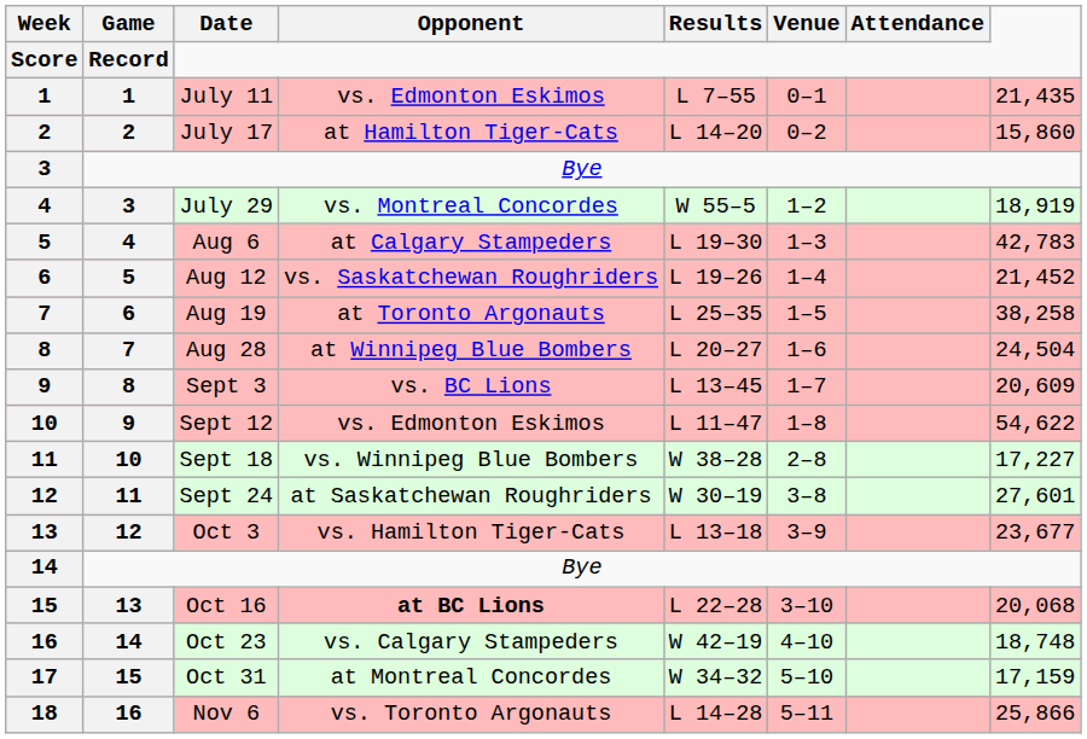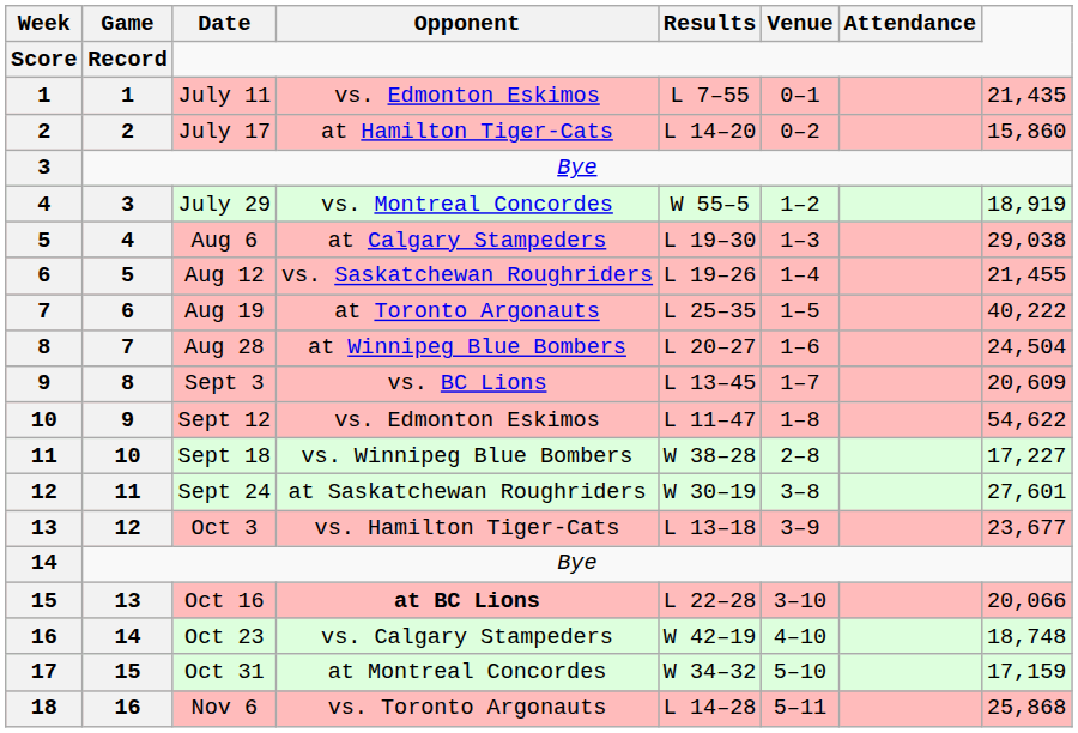 <table class="wikitable" style="text-align:center">
 <tr>
 <th>Week</th>
 <th>Game</th>
 <th>Date</th>
 <th>Opponent</th>
 <th>Results</th>
 <th>Venue</th>
 <th>Attendance</th>
 </tr>
 <tr>
 <th>Score</th>
 <th>Record</th>
 </tr>
 <tr style="background:#ffbbbb">
 <th>1</th>
 <th>1</th>
 <td>July 11</td>
 <td>vs. <a href='#'>Edmonton Eskimos</a></td>
 <td>L 7–55</td>
 <td>0–1</td>
 <td></td>
 <td>21,435</td>
 </tr>
 <tr style="background:#ffbbbb">
 <th>2</th>
 <th>2</th>
 <td>July 17</td>
 <td>at <a href='#'>Hamilton Tiger-Cats</a></td>
 <td>L 14–20</td>
 <td>0–2</td>
 <td></td>
 <td>15,860</td>
 </tr>
 <tr>
 <th>3</th>
 <td colspan=7><em><a href='#'>Bye</a></em></td>
 </tr>
 <tr style="background:#ddffdd">
 <th>4</th>
 <th>3</th>
 <td>July 29</td>
 <td>vs. <a href='#'>Montreal Concordes</a></td>
 <td>W 55–5</td>
 <td>1–2</td>
 <td></td>
 <td>18,919</td>
 </tr>
 <tr style="background:#ffbbbb">
 <th>5</th>
 <th>4</th>
 <td>Aug 6</td>
 <td>at <a href='#'>Calgary Stampeders</a></td>
 <td>L 19–30</td>
 <td>1–3</td>
 <td></td>
-<td>42,783</td>
+<td>29,038</td>
 </tr>
 <tr style="background:#ffbbbb">
 <th>6</th>
 <th>5</th>
 <td>Aug 12</td>
 <td>vs. <a href='#'>Saskatchewan Roughriders</a></td>
 <td>L 19–26</td>
 <td>1–4</td>
 <td></td>
-<td>21,452</td>
+<td>21,455</td>
 </tr>
 <tr style="background:#ffbbbb">
 <th>7</th>
 <th>6</th>
 <td>Aug 19</td>
 <td>at <a href='#'>Toronto Argonauts</a></td>
 <td>L 25–35</td>
 <td>1–5</td>
 <td></td>
-<td>38,258</td>
+<td>40,222</td>
 </tr>
 <tr style="background:#ffbbbb">
 <th>8</th>
 <th>7</th>
 <td>Aug 28</td>
 <td>at <a href='#'>Winnipeg Blue Bombers</a></td>
 <td>L 20–27</td>
 <td>1–6</td>
 <td></td>
 <td>24,504</td>
 </tr>
 <tr style="background:#ffbbbb">
 <th>9</th>
 <th>8</th>
 <td>Sept 3</td>
 <td>vs. <a href='#'>BC Lions</a></td>
 <td>L 13–45</td>
 <td>1–7</td>
 <td></td>
 <td>20,609</td>
 </tr>
 <tr style="background:#ffbbbb">
 <th>10</th>
 <th>9</th>
 <td>Sept 12</td>
 <td>vs. Edmonton Eskimos</td>
 <td>L 11–47</td>
 <td>1–8</td>
 <td></td>
 <td>54,622</td>
 </tr>
 <tr style="background:#ddffdd">
 <th>11</th>
 <th>10</th>
 <td>Sept 18</td>
 <td>vs. Winnipeg Blue Bombers</td>
 <td>W 38–28</td>
 <td>2–8</td>
 <td></td>
 <td>17,227</td>
 </tr>
 <tr style="background:#ddffdd">
 <th>12</th>
 <th>11</th>
 <td>Sept 24</td>
 <td>at Saskatchewan Roughriders</td>
 <td>W 30–19</td>
 <td>3–8</td>
 <td></td>
 <td>27,601</td>
 </tr>
 <tr style="background:#ffbbbb">
 <th>13</th>
 <th>12</th>
 <td>Oct 3</td>
 <td>vs. Hamilton Tiger-Cats</td>
 <td>L 13–18</td>
 <td>3–9</td>
 <td></td>
 <td>23,677</td>
 </tr>
 <tr>
 <th>14</th>
 <td colspan=7><em>Bye</em></td>
 </tr>
 <tr style="background:#ffbbbb">
 <th>15</th>
 <th>13</th>
 <td>Oct 16</td>
 <td><strong>at BC Lions</strong></td>
 <td>L 22–28</td>
 <td>3–10</td>
 <td></td>
-<td>20,068</td>
+<td>20,066</td>
 </tr>
 <tr style="background:#ddffdd">
 <th>16</th>
 <th>14</th>
 <td>Oct 23</td>
 <td>vs. Calgary Stampeders</td>
 <td>W 42–19</td>
 <td>4–10</td>
 <td></td>
 <td>18,748</td>
 </tr>
 <tr style="background:#ddffdd">
 <th>17</th>
 <th>15</th>
 <td>Oct 31</td>
 <td>at Montreal Concordes</td>
 <td>W 34–32</td>
 <td>5–10</td>
 <td></td>
 <td>17,159</td>
 </tr>
 <tr style="background:#ffbbbb">
 <th>18</th>
 <th>16</th>
 <td>Nov 6</td>
 <td>vs. Toronto Argonauts</td>
 <td>L 14–28</td>
 <td>5–11</td>
 <td></td>
-<td>25,866</td>
+<td>25,868</td>
 </tr>
 </table>
